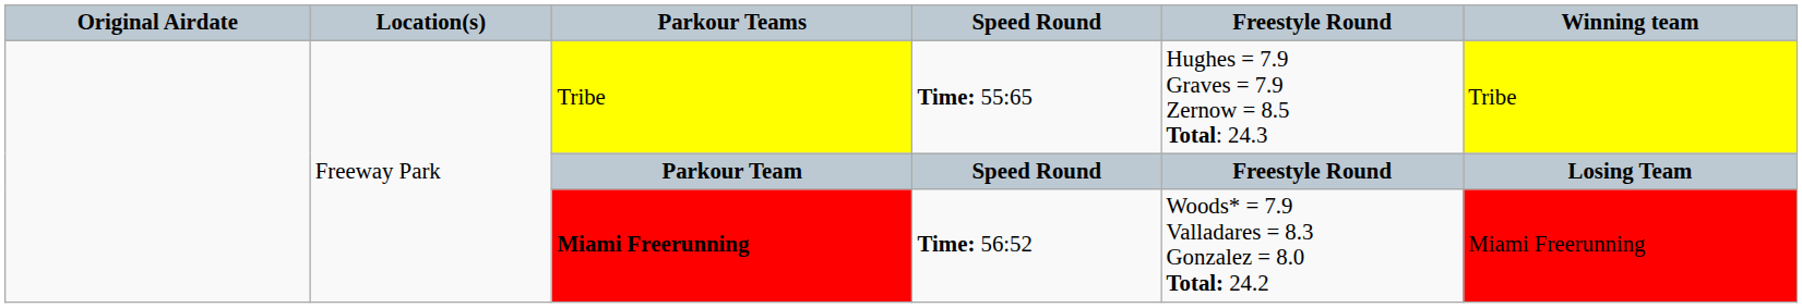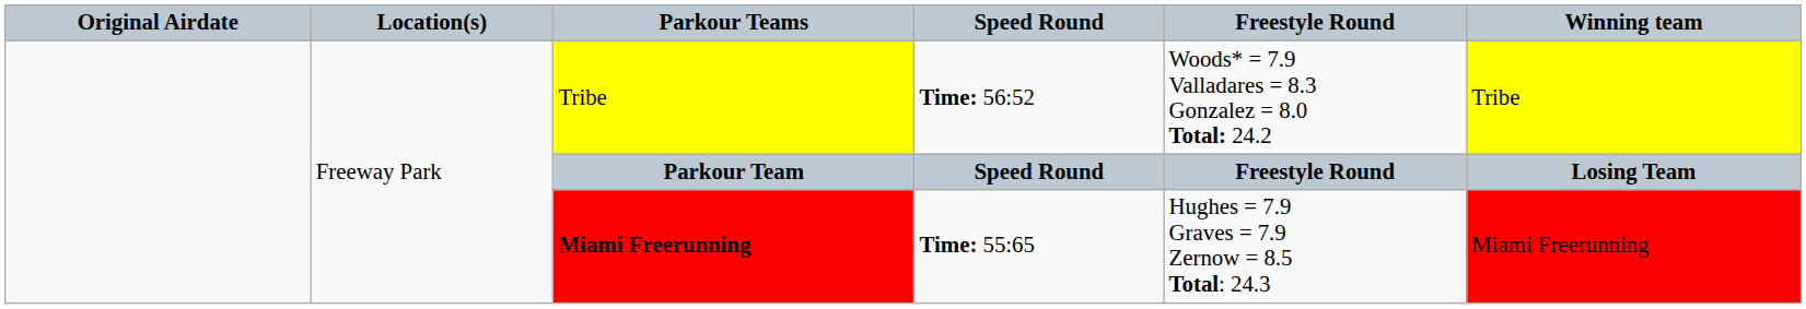 <table class="wikitable" style="margin: auto; width: 100%">
 <tr style="background:#BCC9D2; color:black">
 <th style="background-color: #BCC9D2;">Original Airdate</th>
 <th style="background-color: #BCC9D2;">Location(s)</th>
 <th style="background-color: #BCC9D2;">Parkour Teams</th>
 <th style="background-color: #BCC9D2;">Speed Round</th>
 <th style="background-color: #BCC9D2;">Freestyle Round</th>
 <th style="background-color: #BCC9D2;">Winning team</th>
 </tr>
 <tr>
 <td rowspan="3"></td>
 <td rowspan="3">Freeway Park</td>
 <td bgcolor="yellow"><span>Tribe</span></td>
-<td><strong>Time:</strong> 55:65</td>
-<td>Hughes = 7.9<br>Graves = 7.9<br>Zernow = 8.5<br><strong>Total</strong>: 24.3</td>
+<td><strong>Time:</strong> 56:52</td>
+<td>Woods* = 7.9<br>Valladares = 8.3<br>Gonzalez = 8.0<br><strong>Total:</strong> 24.2</td>
 <td bgcolor="yellow"><span>Tribe</span></td>
 </tr>
 <tr>
 <th style="background-color: #BCC9D2;">Parkour Team</th>
 <th style="background-color: #BCC9D2;">Speed Round</th>
 <th style="background-color: #BCC9D2;">Freestyle Round</th>
 <th style="background-color: #BCC9D2;">Losing Team</th>
 </tr>
 <tr>
 <td bgcolor="Red"><strong><span>Miami Freerunning</span></strong></td>
-<td><strong>Time:</strong> 56:52</td>
-<td>Woods* = 7.9<br>Valladares = 8.3<br>Gonzalez = 8.0<br><strong>Total:</strong> 24.2</td>
+<td><strong>Time:</strong> 55:65</td>
+<td>Hughes = 7.9<br>Graves = 7.9<br>Zernow = 8.5<br><strong>Total</strong>: 24.3</td>
 <td bgcolor="Red"><span>Miami Freerunning</span></td>
 </tr>
 </table>
